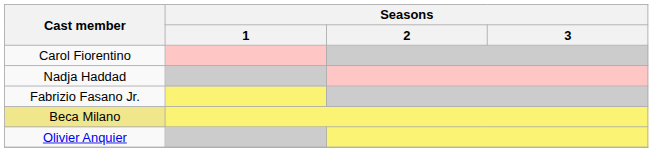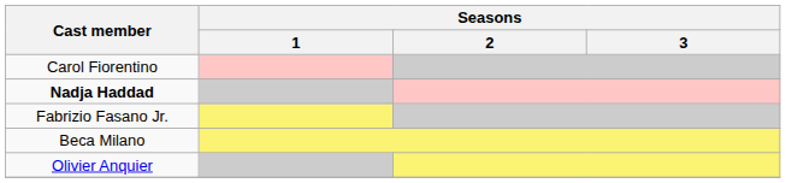 <table class="wikitable" style="text-align:center; font-size:95%; width:60%;">
 <tr>
 <th rowspan=2 width=125>Cast member</th>
 <th colspan=3 width=125>Seasons</th>
 </tr>
 <tr>
 <th width=125>1</th>
 <th width=125>2</th>
 <th width=125>3</th>
 </tr>
 <tr>
 <td>Carol Fiorentino</td>
 <td colspan=1 bgcolor=FFC6C6></td>
 <td colspan=2 bgcolor=CCCCCC></td>
 </tr>
 <tr>
-<td>Nadja Haddad</td>
+<td><strong>Nadja Haddad</strong></td>
 <td colspan=1 bgcolor=CCCCCC></td>
 <td colspan=2 bgcolor=FFC6C6></td>
 </tr>
 <tr>
 <td>Fabrizio Fasano Jr.</td>
 <td colspan=1 bgcolor=FBF373></td>
 <td colspan=2 bgcolor=CCCCCC></td>
 </tr>
 <tr>
-<td style="background: khaki;">Beca Milano</td>
+<td>Beca Milano</td>
 <td colspan=3 bgcolor=FBF373></td>
 </tr>
 <tr>
 <td><a href='#'>Olivier Anquier</a></td>
 <td colspan=1 bgcolor=CCCCCC></td>
 <td colspan=2 bgcolor=FBF373></td>
 </tr>
 <tr>
 </tr>
 </table>
